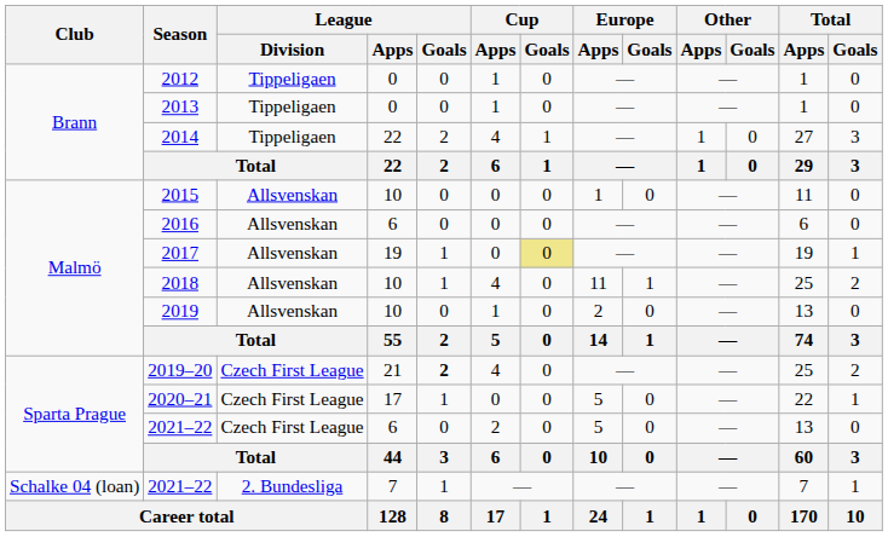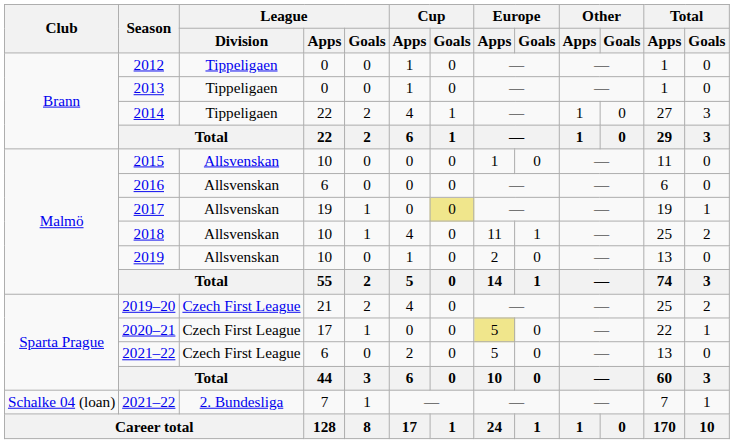 <table class="wikitable" style="text-align:center">
 <tr>
 <th rowspan="2">Club</th>
 <th rowspan="2">Season</th>
 <th colspan="3">League</th>
 <th colspan="2">Cup</th>
 <th colspan="2">Europe</th>
 <th colspan="2">Other</th>
 <th colspan="2">Total</th>
 </tr>
 <tr>
 <th>Division</th>
 <th>Apps</th>
 <th>Goals</th>
 <th>Apps</th>
 <th>Goals</th>
 <th>Apps</th>
 <th>Goals</th>
 <th>Apps</th>
 <th>Goals</th>
 <th>Apps</th>
 <th>Goals</th>
 </tr>
 <tr>
 <td rowspan="4"><a href='#'>Brann</a></td>
 <td><a href='#'>2012</a></td>
 <td><a href='#'>Tippeligaen</a></td>
 <td>0</td>
 <td>0</td>
 <td>1</td>
 <td>0</td>
 <td colspan="2">—</td>
 <td colspan="2">—</td>
 <td>1</td>
 <td>0</td>
 </tr>
 <tr>
 <td><a href='#'>2013</a></td>
 <td>Tippeligaen</td>
 <td>0</td>
 <td>0</td>
 <td>1</td>
 <td>0</td>
 <td colspan="2">—</td>
 <td colspan="2">—</td>
 <td>1</td>
 <td>0</td>
 </tr>
 <tr>
 <td><a href='#'>2014</a></td>
 <td>Tippeligaen</td>
 <td>22</td>
 <td>2</td>
 <td>4</td>
 <td>1</td>
 <td colspan="2">—</td>
 <td>1</td>
 <td>0</td>
 <td>27</td>
 <td>3</td>
 </tr>
 <tr>
 <th colspan="2">Total</th>
 <th>22</th>
 <th>2</th>
 <th>6</th>
 <th>1</th>
 <th colspan="2">—</th>
 <th>1</th>
 <th>0</th>
 <th>29</th>
 <th>3</th>
 </tr>
 <tr>
 <td rowspan="6"><a href='#'>Malmö</a></td>
 <td><a href='#'>2015</a></td>
 <td><a href='#'>Allsvenskan</a></td>
 <td>10</td>
 <td>0</td>
 <td>0</td>
 <td>0</td>
 <td>1</td>
 <td>0</td>
 <td colspan="2">—</td>
 <td>11</td>
 <td>0</td>
 </tr>
 <tr>
 <td><a href='#'>2016</a></td>
 <td>Allsvenskan</td>
 <td>6</td>
 <td>0</td>
 <td>0</td>
 <td>0</td>
 <td colspan="2">—</td>
 <td colspan="2">—</td>
 <td>6</td>
 <td>0</td>
 </tr>
 <tr>
 <td><a href='#'>2017</a></td>
 <td>Allsvenskan</td>
 <td>19</td>
 <td>1</td>
 <td>0</td>
 <td style="background: khaki;">0</td>
 <td colspan="2">—</td>
 <td colspan="2">—</td>
 <td>19</td>
 <td>1</td>
 </tr>
 <tr>
 <td><a href='#'>2018</a></td>
 <td>Allsvenskan</td>
 <td>10</td>
 <td>1</td>
 <td>4</td>
 <td>0</td>
 <td>11</td>
 <td>1</td>
 <td colspan="2">—</td>
 <td>25</td>
 <td>2</td>
 </tr>
 <tr>
 <td><a href='#'>2019</a></td>
 <td>Allsvenskan</td>
 <td>10</td>
 <td>0</td>
 <td>1</td>
 <td>0</td>
 <td>2</td>
 <td>0</td>
 <td colspan="2">—</td>
 <td>13</td>
 <td>0</td>
 </tr>
 <tr>
 <th colspan="2">Total</th>
 <th>55</th>
 <th>2</th>
 <th>5</th>
 <th>0</th>
 <th>14</th>
 <th>1</th>
 <th colspan="2">—</th>
 <th>74</th>
 <th>3</th>
 </tr>
 <tr>
 <td rowspan="4"><a href='#'>Sparta Prague</a></td>
 <td><a href='#'>2019–20</a></td>
 <td><a href='#'>Czech First League</a></td>
 <td>21</td>
-<td><strong>2</strong></td>
+<td>2</td>
 <td>4</td>
 <td>0</td>
 <td colspan="2">—</td>
 <td colspan="2">—</td>
 <td>25</td>
 <td>2</td>
 </tr>
 <tr>
 <td><a href='#'>2020–21</a></td>
 <td>Czech First League</td>
 <td>17</td>
 <td>1</td>
 <td>0</td>
 <td>0</td>
-<td>5</td>
+<td style="background: khaki;">5</td>
 <td>0</td>
 <td colspan="2">—</td>
 <td>22</td>
 <td>1</td>
 </tr>
 <tr>
 <td><a href='#'>2021–22</a></td>
 <td>Czech First League</td>
 <td>6</td>
 <td>0</td>
 <td>2</td>
 <td>0</td>
 <td>5</td>
 <td>0</td>
 <td colspan="2">—</td>
 <td>13</td>
 <td>0</td>
 </tr>
 <tr>
 <th colspan="2">Total</th>
 <th>44</th>
 <th>3</th>
 <th>6</th>
 <th>0</th>
 <th>10</th>
 <th>0</th>
 <th colspan="2">—</th>
 <th>60</th>
 <th>3</th>
 </tr>
 <tr>
 <td><a href='#'>Schalke 04</a> (loan)</td>
 <td><a href='#'>2021–22</a></td>
 <td><a href='#'>2. Bundesliga</a></td>
 <td>7</td>
 <td>1</td>
 <td colspan="2">—</td>
 <td colspan="2">—</td>
 <td colspan="2">—</td>
 <td>7</td>
 <td>1</td>
 </tr>
 <tr>
 <th colspan="3">Career total</th>
 <th>128</th>
 <th>8</th>
 <th>17</th>
 <th>1</th>
 <th>24</th>
 <th>1</th>
 <th>1</th>
 <th>0</th>
 <th>170</th>
 <th>10</th>
 </tr>
 </table>
